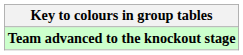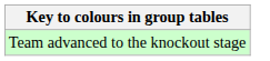 <table class="wikitable">
 <tr>
 <th>Key to colours in group tables</th>
 </tr>
 <tr>
-<td style="background:#cfc;"><strong>Team advanced to the knockout stage</strong></td>
+<td style="background:#cfc;">Team advanced to the knockout stage</td>
 </tr>
 </table>
